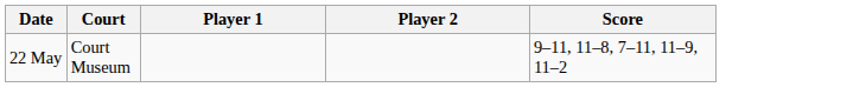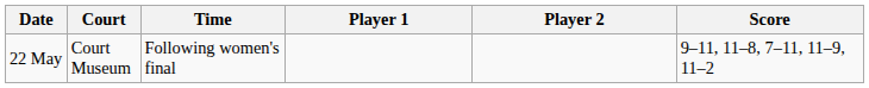 <table class="sortable wikitable" style="font-size:90%">
 <tr>
 <th width="45" class="unsortable">Date</th>
 <th width="55">Court</th>
+<th width="115">Time</th>
 <th width="150">Player 1</th>
 <th width="165">Player 2</th>
 <th width="150" class="unsortable">Score</th>
 </tr>
 <tr>
 <td>22 May</td>
 <td>Court Museum</td>
+<td>Following women's final</td>
 <td><strong></strong></td>
 <td></td>
 <td>9–11, 11–8, 7–11, 11–9, 11–2</td>
 </tr>
 </table>
